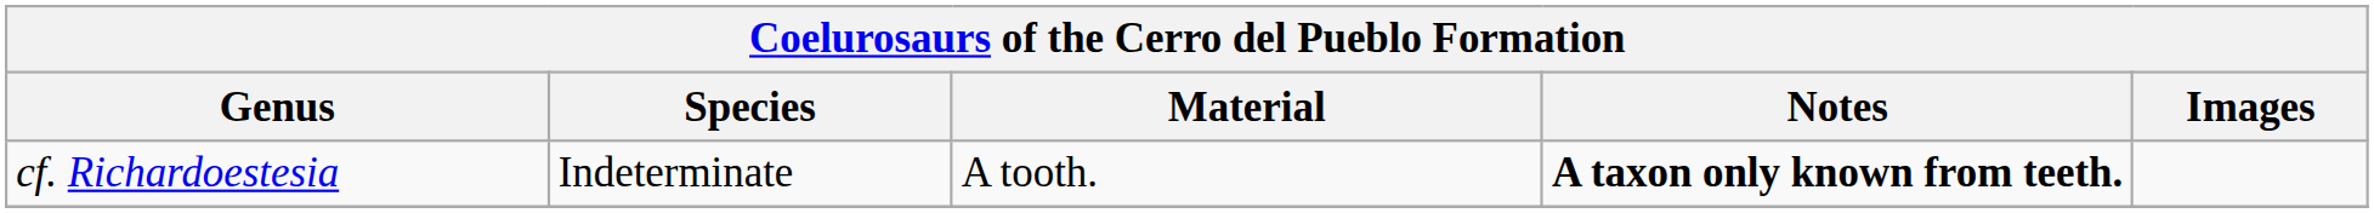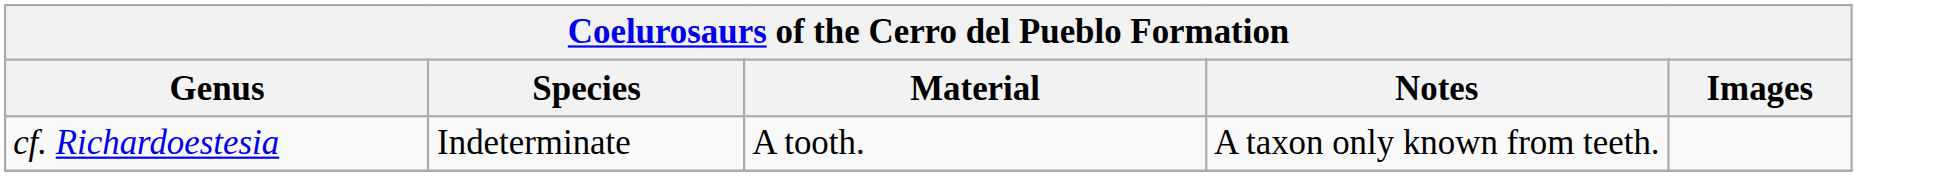 <table class="wikitable" align="center">
 <tr>
 <th colspan="5" align="center"><strong><a href='#'>Coelurosaurs</a> of the Cerro del Pueblo Formation</strong></th>
 </tr>
 <tr>
 <th>Genus</th>
 <th>Species</th>
 <th width="25%">Material</th>
 <th width="25%">Notes</th>
 <th>Images</th>
 </tr>
 <tr>
 <td><em>cf. <a href='#'>Richardoestesia</a></em></td>
 <td>Indeterminate</td>
 <td>A tooth.</td>
-<td><strong>A taxon only known from teeth.</strong></td>
+<td>A taxon only known from teeth.</td>
 <td></td>
 </tr>
 <tr>
 </tr>
 </table>
